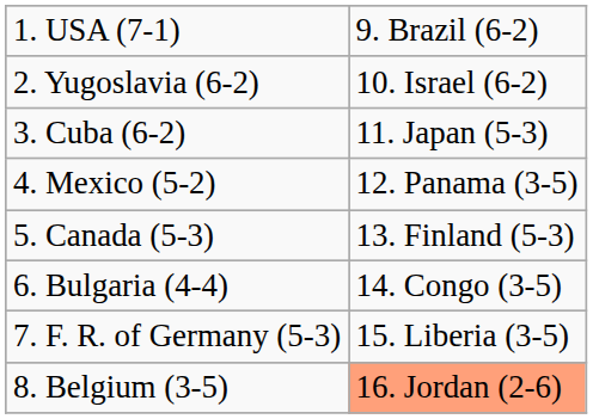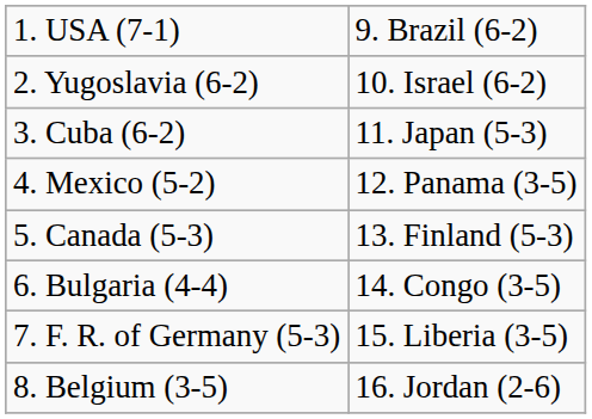 <table class="wikitable">
 <tr>
 <td>1. USA (7-1)</td>
 <td>9. Brazil (6-2)</td>
 </tr>
 <tr>
 <td>2. Yugoslavia (6-2)</td>
 <td>10. Israel (6-2)</td>
 </tr>
 <tr>
 <td>3. Cuba (6-2)</td>
 <td>11. Japan (5-3)</td>
 </tr>
 <tr>
 <td>4. Mexico (5-2)</td>
 <td>12. Panama (3-5)</td>
 </tr>
 <tr>
 <td>5. Canada (5-3)</td>
 <td>13. Finland (5-3)</td>
 </tr>
 <tr>
 <td>6. Bulgaria (4-4)</td>
 <td>14. Congo (3-5)</td>
 </tr>
 <tr>
 <td>7. F. R. of Germany (5-3)</td>
 <td>15. Liberia (3-5)</td>
 </tr>
 <tr>
 <td>8. Belgium (3-5)</td>
-<td style="background: lightsalmon;">16. Jordan (2-6)</td>
+<td>16. Jordan (2-6)</td>
 </tr>
 </table>
